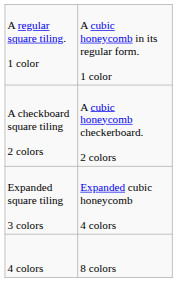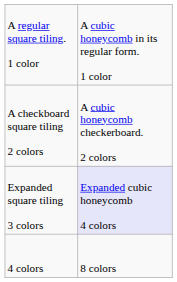 <table align=right class="wikitable" width=240>
 <tr>
 <td valign=top><br>A <a href='#'>regular square tiling</a>.<br><br>1 color</td>
 <td><br>A <a href='#'>cubic honeycomb</a> in its regular form.<br><br>1 color</td>
 </tr>
 <tr>
 <td><br>A checkboard square tiling<br><br>2 colors</td>
 <td><br>A <a href='#'>cubic honeycomb</a> checkerboard.<br><br>2 colors</td>
 </tr>
 <tr>
 <td><br>Expanded square tiling<br><br>3 colors</td>
-<td><br><a href='#'>Expanded</a> cubic honeycomb<br><br>4 colors</td>
+<td style="background: lavender;"><br><a href='#'>Expanded</a> cubic honeycomb<br><br>4 colors</td>
 </tr>
 <tr>
 <td><br><br>4 colors</td>
 <td><br><br>8 colors</td>
 </tr>
 </table>
